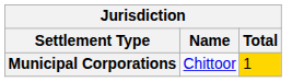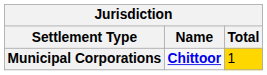 <table class="wikitable" style="width:200pt,">
 <tr>
 <th colspan="3" style="text-align: center,">Jurisdiction</th>
 </tr>
 <tr>
 <th style="text-align: center,">Settlement Type</th>
 <th style="text-align: center,">Name</th>
 <th style="text-align: center,">Total</th>
 </tr>
 <tr>
 <th>Municipal Corporations</th>
-<td><a href='#'>Chittoor</a></td>
+<td><strong><a href='#'>Chittoor</a></strong></td>
 <td style="background: gold;">1</td>
 </tr>
 </table>
